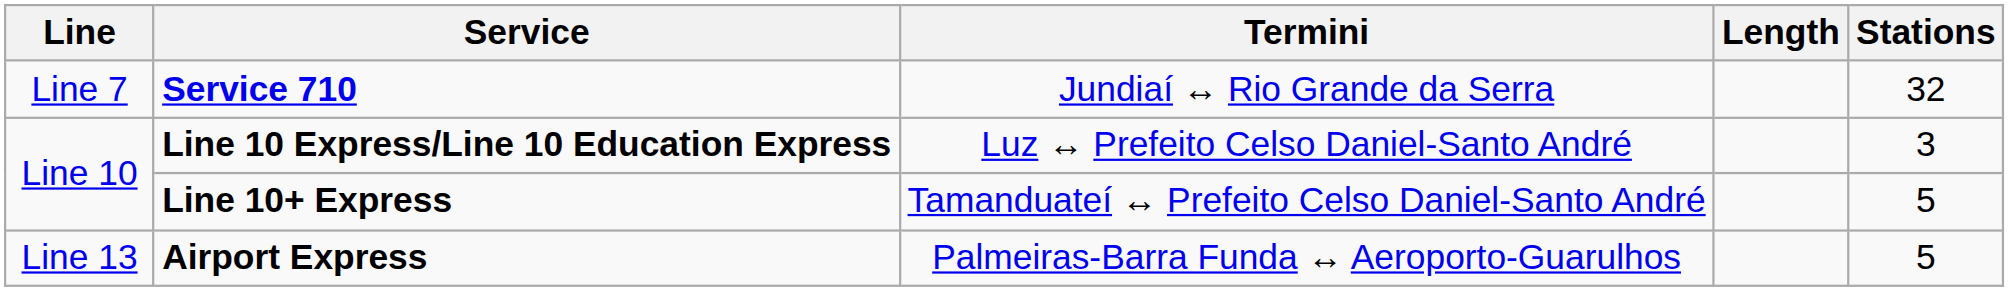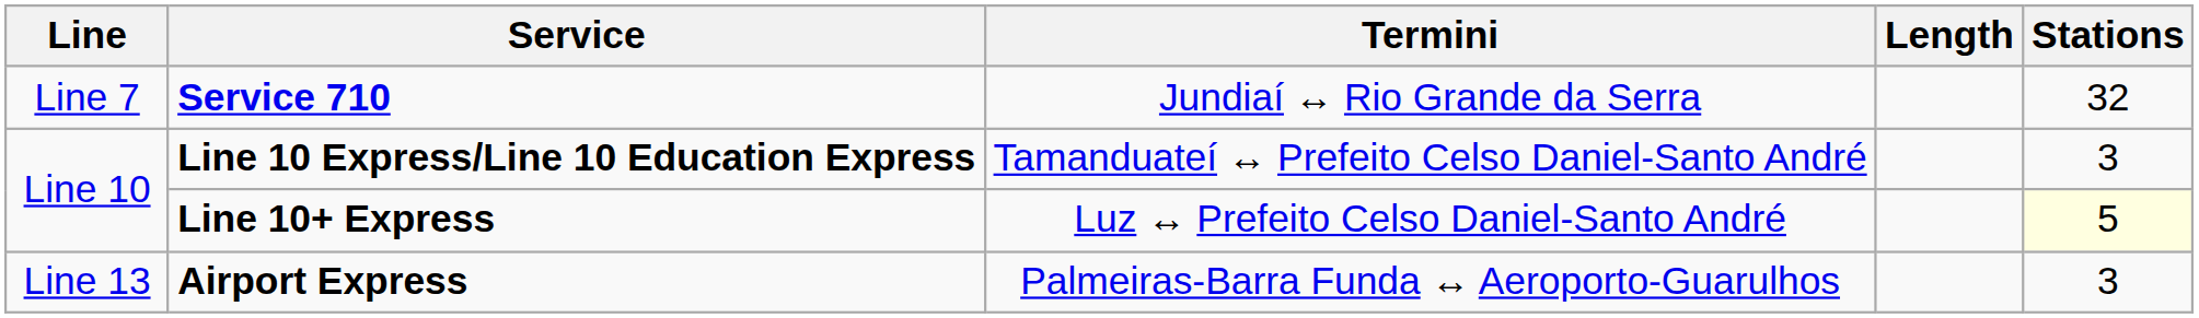 <table class="wikitable">
 <tr>
 <th align="center" width="60px">Line</th>
 <th align="center">Service</th>
 <th align="center">Termini</th>
 <th align="center">Length</th>
 <th align="center">Stations</th>
 </tr>
 <tr>
 <td align="center"><a href='#'>Line 7</a></td>
 <td rowspan="2"><strong><a href='#'><span>Service 710</span></a></strong></td>
 <td rowspan="2" align="center"><a href='#'>Jundiaí</a> ↔ <a href='#'>Rio Grande da Serra</a></td>
 <td rowspan="2" align="center"></td>
 <td rowspan="2" align="center">32</td>
 </tr>
 <tr>
 <td rowspan="3" align="center"><a href='#'>Line 10</a></td>
 </tr>
 <tr>
 <td><strong>Line 10 Express/Line 10 Education Express</strong></td>
-<td align="center"><a href='#'>Luz</a> ↔ <a href='#'>Prefeito Celso Daniel-Santo André</a></td>
+<td align="center"><a href='#'>Tamanduateí</a> ↔ <a href='#'>Prefeito Celso Daniel-Santo André</a></td>
 <td align="center"></td>
 <td align="center">3</td>
 </tr>
 <tr>
 <td><strong>Line 10+ Express</strong></td>
-<td align="center"><a href='#'>Tamanduateí</a> ↔ <a href='#'>Prefeito Celso Daniel-Santo André</a></td>
+<td align="center"><a href='#'>Luz</a> ↔ <a href='#'>Prefeito Celso Daniel-Santo André</a></td>
 <td align="center"></td>
-<td align="center">5</td>
+<td align="center" style="background: lightyellow;">5</td>
 </tr>
 <tr>
 <td align="center"><a href='#'>Line 13</a></td>
 <td><strong>Airport Express</strong></td>
 <td align="center"><a href='#'>Palmeiras-Barra Funda</a> ↔ <a href='#'>Aeroporto-Guarulhos</a></td>
 <td align="center"></td>
-<td align="center">5</td>
+<td align="center">3</td>
 </tr>
 </table>
